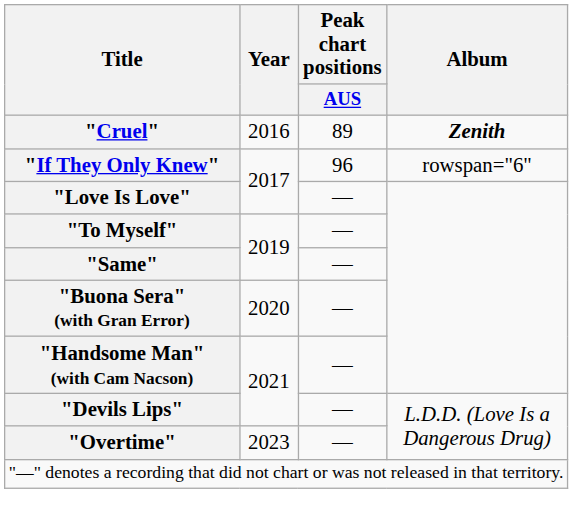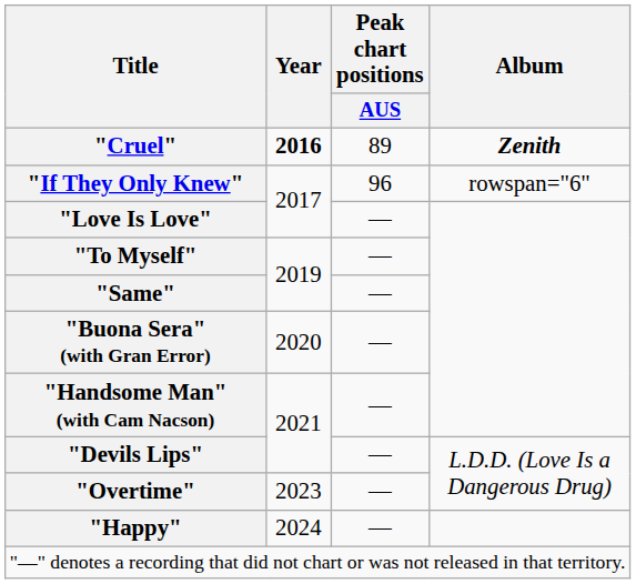 <table class="wikitable plainrowheaders" style="text-align:center;">
 <tr>
 <th scope="col" rowspan="2">Title</th>
 <th scope="col" rowspan="2">Year</th>
 <th scope="col" colspan="1">Peak chart positions</th>
 <th scope="col" rowspan="2">Album</th>
 </tr>
 <tr>
 <th scope="col" style="width:3em;font-size:90%;"><a href='#'>AUS</a><br></th>
 </tr>
 <tr>
 <th scope="row">"<a href='#'>Cruel</a>"</th>
-<td>2016</td>
+<td><strong>2016</strong></td>
 <td>89</td>
 <td><strong><em>Zenith</em></strong></td>
 </tr>
 <tr>
 <th scope="row">"<a href='#'>If They Only Knew</a>"</th>
 <td rowspan="2">2017</td>
 <td>96</td>
 <td>rowspan="6" </td>
 </tr>
 <tr>
 <th scope="row">"Love Is Love"</th>
 <td>—</td>
 </tr>
 <tr>
 <th scope="row">"To Myself"</th>
 <td rowspan="2">2019</td>
 <td>—</td>
 </tr>
 <tr>
 <th scope="row">"Same"</th>
 <td>—</td>
 </tr>
 <tr>
 <th scope="row">"Buona Sera"<br><small>(with Gran Error)</small></th>
 <td>2020</td>
 <td>—</td>
 </tr>
 <tr>
 <th scope="row">"Handsome Man"<br><small>(with Cam Nacson)</small></th>
 <td rowspan="2">2021</td>
 <td>—</td>
 </tr>
 <tr>
 <th scope="row">"Devils Lips"</th>
 <td>—</td>
 <td rowspan="2"><em>L.D.D. (Love Is a<br>Dangerous Drug)</em></td>
 </tr>
 <tr>
 <th scope="row">"Overtime"</th>
 <td>2023</td>
 <td>—</td>
 </tr>
 <tr>
+<th scope="row">"Happy"</th>
+<td>2024</td>
+<td>—</td>
+<td></td>
+</tr>
+<tr>
 <td colspan="4" style="font-size:85%">"—" denotes a recording that did not chart or was not released in that territory.</td>
 </tr>
 </table>
